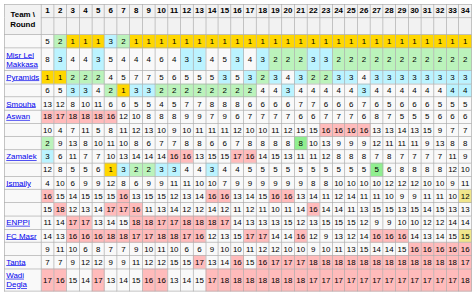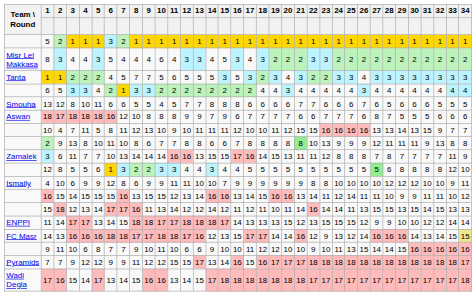 <table class="wikitable sortable" style="font-size: 74%; text-align:center">
 <tr>
 <th rowspan="2" style="width:76px;">Team \ Round</th>
 <th align=center>1</th>
 <th align=center>2</th>
 <th align=center>3</th>
 <th align=center>4</th>
 <th align=center>5</th>
 <th align=center>6</th>
 <th align=center>7</th>
 <th align=center>8</th>
 <th align=center>9</th>
 <th align=center>10</th>
 <th align=center>11</th>
 <th align=center>12</th>
 <th align=center>13</th>
 <th align=center>14</th>
 <th align=center>15</th>
 <th align=center>16</th>
 <th align=center>17</th>
 <th align=center>18</th>
 <th align=center>19</th>
 <th align=center>20</th>
 <th align=center>21</th>
 <th align=center>22</th>
 <th align=center>23</th>
 <th align=center>24</th>
 <th align=center>25</th>
 <th align=center>26</th>
 <th align=center>27</th>
 <th align=center>28</th>
 <th align=center>29</th>
 <th align=center>30</th>
 <th align=center>31</th>
 <th align=center>32</th>
 <th align=center>33</th>
 <th align=center>34</th>
 </tr>
 <tr>
 <th style="text-align:center; height:20px;"></th>
 <th align=center></th>
 <th align=center></th>
 <th align=center></th>
 <th align=center></th>
 <th align=center></th>
 <th align=center></th>
 <th align=center></th>
 <th align=center></th>
 <th align=center></th>
 <th align=center></th>
 <th align=center></th>
 <th align=center></th>
 <th align=center></th>
 <th align=center></th>
 <th align=center></th>
 <th align=center></th>
 <th align=center></th>
 <th align=center></th>
 <th align=center></th>
 <th align=center></th>
 <th align=center></th>
 <th align=center></th>
 <th align=center></th>
 <th align=center></th>
 <th align=center></th>
 <th align=center></th>
 <th align=center></th>
 <th align=center></th>
 <th align=center></th>
 <th align=center></th>
 <th align=center></th>
 <th align=center></th>
 <th align=center></th>
 </tr>
 <tr align=center>
 <td align=left><a href='#'></a></td>
 <td>5</td>
 <td style="background:#BBF3BB">2</td>
 <td style="background:#FFD700">1</td>
 <td style="background:#FFD700">1</td>
 <td style="background:#FFD700">1</td>
 <td style="background:#BBF3FF">3</td>
 <td style="background:#BBF3BB">2</td>
 <td style="background:#FFD700">1</td>
 <td style="background:#FFD700">1</td>
 <td style="background:#FFD700">1</td>
 <td style="background:#FFD700">1</td>
 <td style="background:#FFD700">1</td>
 <td style="background:#FFD700">1</td>
 <td style="background:#FFD700">1</td>
 <td style="background:#FFD700">1</td>
 <td style="background:#FFD700">1</td>
 <td style="background:#FFD700">1</td>
 <td style="background:#FFD700">1</td>
 <td style="background:#FFD700">1</td>
 <td style="background:#FFD700">1</td>
 <td style="background:#FFD700">1</td>
 <td style="background:#FFD700">1</td>
 <td style="background:#FFD700">1</td>
 <td style="background:#FFD700">1</td>
 <td style="background:#FFD700">1</td>
 <td style="background:#FFD700">1</td>
 <td style="background:#FFD700">1</td>
 <td style="background:#FFD700">1</td>
 <td style="background:#FFD700">1</td>
 <td style="background:#FFD700">1</td>
 <td style="background:#FFD700">1</td>
 <td style="background:#FFD700">1</td>
 <td style="background:#FFD700">1</td>
 <td style="background:#FFD700">1</td>
 </tr>
 <tr align=center>
 <td align=left><a href='#'>Misr Lel Makkasa</a></td>
 <td>8</td>
 <td style="background:#BBF3FF">3</td>
 <td>4</td>
 <td>4</td>
 <td style="background:#BBF3FF">3</td>
 <td>5</td>
 <td>4</td>
 <td>4</td>
 <td>4</td>
 <td>6</td>
 <td>4</td>
 <td style="background:#BBF3FF">3</td>
 <td style="background:#BBF3FF">3</td>
 <td>4</td>
 <td>5</td>
 <td style="background:#BBF3FF">3</td>
 <td>4</td>
 <td style="background:#BBF3FF">3</td>
 <td style="background:#BBF3BB">2</td>
 <td style="background:#BBF3BB">2</td>
 <td style="background:#BBF3BB">2</td>
 <td style="background:#BBF3FF">3</td>
 <td style="background:#BBF3FF">3</td>
 <td style="background:#BBF3BB">2</td>
 <td style="background:#BBF3BB">2</td>
 <td style="background:#BBF3BB">2</td>
 <td style="background:#BBF3BB">2</td>
 <td style="background:#BBF3BB">2</td>
 <td style="background:#BBF3BB">2</td>
 <td style="background:#BBF3BB">2</td>
 <td style="background:#BBF3BB">2</td>
 <td style="background:#BBF3BB">2</td>
 <td style="background:#BBF3BB">2</td>
 <td style="background:#BBF3BB">2</td>
 </tr>
 <tr align=center>
-<td align=left><a href='#'>Pyramids</a></td>
+<td align=left><a href='#'>Tanta</a></td>
 <td style="background:#FFD700">1</td>
 <td style="background:#FFD700">1</td>
 <td style="background:#BBF3BB">2</td>
 <td style="background:#BBF3BB">2</td>
 <td style="background:#BBF3BB">2</td>
 <td>4</td>
 <td>5</td>
 <td>7</td>
 <td>7</td>
 <td>5</td>
 <td>6</td>
 <td>5</td>
 <td>5</td>
 <td>5</td>
 <td style="background:#BBF3FF">3</td>
 <td>5</td>
 <td style="background:#BBF3FF">3</td>
 <td style="background:#BBF3BB">2</td>
 <td style="background:#BBF3FF">3</td>
 <td>4</td>
 <td style="background:#BBF3FF">3</td>
 <td style="background:#BBF3BB">2</td>
 <td style="background:#BBF3BB">2</td>
 <td style="background:#BBF3FF">3</td>
 <td style="background:#BBF3FF">3</td>
 <td>4</td>
 <td style="background:#BBF3FF">3</td>
 <td style="background:#BBF3FF">3</td>
 <td style="background:#BBF3FF">3</td>
 <td style="background:#BBF3FF">3</td>
 <td style="background:#BBF3FF">3</td>
 <td style="background:#BBF3FF">3</td>
 <td style="background:#BBF3FF">3</td>
 <td style="background:#BBF3FF">3</td>
 </tr>
 <tr align=center>
 <td align=left></td>
 <td>6</td>
 <td>5</td>
 <td style="background:#BBF3FF">3</td>
 <td style="background:#BBF3FF">3</td>
 <td>4</td>
 <td style="background:#BBF3BB">2</td>
 <td style="background:#FFD700">1</td>
 <td style="background:#BBF3FF">3</td>
 <td style="background:#BBF3FF">3</td>
 <td style="background:#BBF3BB">2</td>
 <td style="background:#BBF3BB">2</td>
 <td style="background:#BBF3BB">2</td>
 <td style="background:#BBF3BB">2</td>
 <td style="background:#BBF3BB">2</td>
 <td style="background:#BBF3BB">2</td>
 <td style="background:#BBF3BB">2</td>
 <td style="background:#BBF3BB">2</td>
 <td>4</td>
 <td>4</td>
 <td style="background:#BBF3FF">3</td>
 <td>4</td>
 <td>4</td>
 <td>4</td>
 <td>4</td>
 <td>4</td>
 <td style="background:#BBF3FF">3</td>
 <td>4</td>
 <td>4</td>
 <td>4</td>
 <td>4</td>
 <td>4</td>
 <td>4</td>
 <td style="background:#BBF3FF">4</td>
 <td style="background:#BBF3FF">4</td>
 </tr>
 <tr align=center>
 <td align=left><a href='#'>Smouha</a></td>
 <td>13</td>
 <td>12</td>
 <td>8</td>
 <td>10</td>
 <td>11</td>
 <td>6</td>
 <td>6</td>
 <td>5</td>
 <td>5</td>
 <td>4</td>
 <td>5</td>
 <td>7</td>
 <td>7</td>
 <td>8</td>
 <td>8</td>
 <td>8</td>
 <td>6</td>
 <td>6</td>
 <td>6</td>
 <td>6</td>
 <td>7</td>
 <td>7</td>
 <td>6</td>
 <td>6</td>
 <td>6</td>
 <td>7</td>
 <td>6</td>
 <td>5</td>
 <td>6</td>
 <td>6</td>
 <td>6</td>
 <td>5</td>
 <td>5</td>
 <td>5</td>
 </tr>
 <tr align=center>
 <td align=left><a href='#'>Aswan</a></td>
 <td style="background:#FFBBBB">18</td>
 <td style="background:#FFBBBB">17</td>
 <td style="background:#FFBBBB">18</td>
 <td style="background:#FFBBBB">18</td>
 <td style="background:#FFBBBB">18</td>
 <td style="background:#FFBBBB">16</td>
 <td>12</td>
 <td>10</td>
 <td>8</td>
 <td>8</td>
 <td>8</td>
 <td>9</td>
 <td>9</td>
 <td>7</td>
 <td>9</td>
 <td>6</td>
 <td>7</td>
 <td>7</td>
 <td>7</td>
 <td>7</td>
 <td>6</td>
 <td>6</td>
 <td>7</td>
 <td>7</td>
 <td>7</td>
 <td>6</td>
 <td>8</td>
 <td>7</td>
 <td>5</td>
 <td>5</td>
 <td>5</td>
 <td>6</td>
 <td>6</td>
 <td>6</td>
 </tr>
 <tr align=center>
 <td align=left><a href='#'></a></td>
 <td>10</td>
 <td>4</td>
 <td>7</td>
 <td>11</td>
 <td>5</td>
 <td>8</td>
 <td>11</td>
 <td>12</td>
 <td>13</td>
 <td>10</td>
 <td>9</td>
 <td>10</td>
 <td>11</td>
 <td>11</td>
 <td>11</td>
 <td>12</td>
 <td>10</td>
 <td>10</td>
 <td>11</td>
 <td>12</td>
 <td>15</td>
 <td>15</td>
 <td style="background:#FFBBBB">16</td>
 <td style="background:#FFBBBB">16</td>
 <td style="background:#FFBBBB">16</td>
 <td style="background:#FFBBBB">16</td>
 <td>13</td>
 <td>13</td>
 <td>14</td>
 <td>13</td>
 <td>15</td>
 <td>9</td>
 <td>7</td>
 <td>7</td>
 </tr>
 <tr align=center>
 <td align=left><a href='#'></a></td>
 <td style="background:#BBF3BB">2</td>
 <td>9</td>
 <td>13</td>
 <td>8</td>
 <td>10</td>
 <td>11</td>
 <td>10</td>
 <td>8</td>
 <td>6</td>
 <td>7</td>
 <td>7</td>
 <td>8</td>
 <td>8</td>
 <td>6</td>
 <td>6</td>
 <td>7</td>
 <td>8</td>
 <td>8</td>
 <td>8</td>
 <td>8</td>
 <td style="background: lightgreen;">8</td>
 <td>10</td>
 <td>13</td>
 <td>9</td>
 <td>9</td>
 <td>9</td>
 <td>12</td>
 <td>11</td>
 <td>11</td>
 <td>11</td>
 <td>9</td>
 <td>13</td>
 <td>8</td>
 <td>8</td>
 </tr>
 <tr align=center>
 <td align=left><a href='#'>Zamalek</a></td>
 <td style="background:#BBF3FF">3</td>
 <td>6</td>
 <td>11</td>
 <td>7</td>
 <td>7</td>
 <td>10</td>
 <td>13</td>
 <td>14</td>
 <td>14</td>
 <td>14</td>
 <td style="background:#FFBBBB">16</td>
 <td style="background:#FFBBBB">16</td>
 <td>13</td>
 <td>15</td>
 <td>15</td>
 <td style="background:#FFBBBB">17</td>
 <td style="background:#FFBBBB">16</td>
 <td>14</td>
 <td>15</td>
 <td>13</td>
 <td>11</td>
 <td>11</td>
 <td>12</td>
 <td>8</td>
 <td>8</td>
 <td>8</td>
 <td>7</td>
 <td>8</td>
 <td>7</td>
 <td>7</td>
 <td>7</td>
 <td>7</td>
 <td>11</td>
 <td>9</td>
 </tr>
 <tr align=center>
 <td align=left><a href='#'></a></td>
 <td>12</td>
 <td>8</td>
 <td>5</td>
 <td>5</td>
 <td>6</td>
 <td style="background:#FFD700">1</td>
 <td style="background:#BBF3FF">3</td>
 <td style="background:#BBF3BB">2</td>
 <td style="background:#BBF3BB">2</td>
 <td style="background:#BBF3FF">3</td>
 <td style="background:#BBF3FF">3</td>
 <td>4</td>
 <td>4</td>
 <td style="background:#BBF3FF">3</td>
 <td>4</td>
 <td>4</td>
 <td>5</td>
 <td>5</td>
 <td>5</td>
 <td>5</td>
 <td>5</td>
 <td>5</td>
 <td>5</td>
 <td>5</td>
 <td>5</td>
 <td>5</td>
 <td style="background: lightgreen;">5</td>
 <td>6</td>
 <td>8</td>
 <td>8</td>
 <td>8</td>
 <td>8</td>
 <td>12</td>
 <td>10</td>
 </tr>
 <tr align=center>
 <td align=left><a href='#'>Ismaily</a></td>
 <td>4</td>
 <td>10</td>
 <td>6</td>
 <td>9</td>
 <td>9</td>
 <td>12</td>
 <td>8</td>
 <td>6</td>
 <td>9</td>
 <td>9</td>
 <td>11</td>
 <td>11</td>
 <td>10</td>
 <td>10</td>
 <td>7</td>
 <td>9</td>
 <td>9</td>
 <td>9</td>
 <td>9</td>
 <td>9</td>
 <td>9</td>
 <td>8</td>
 <td>8</td>
 <td>10</td>
 <td>10</td>
 <td>10</td>
 <td>10</td>
 <td>12</td>
 <td>12</td>
 <td>12</td>
 <td>10</td>
 <td>10</td>
 <td>9</td>
 <td>11</td>
 </tr>
 <tr align=center>
 <td align=left><a href='#'></a></td>
 <td style="background:#FFBBBB">16</td>
 <td>15</td>
 <td>14</td>
 <td>15</td>
 <td>15</td>
 <td>15</td>
 <td style="background:#FFBBBB">16</td>
 <td>13</td>
 <td>15</td>
 <td>15</td>
 <td>12</td>
 <td>13</td>
 <td>14</td>
 <td style="background:#FFBBBB">16</td>
 <td style="background:#FFBBBB">16</td>
 <td>13</td>
 <td>14</td>
 <td>15</td>
 <td style="background:#FFBBBB">16</td>
 <td style="background:#FFBBBB">16</td>
 <td>13</td>
 <td>14</td>
 <td>11</td>
 <td>12</td>
 <td>14</td>
 <td>11</td>
 <td>11</td>
 <td>10</td>
 <td>9</td>
 <td>9</td>
 <td>11</td>
 <td>11</td>
 <td>10</td>
-<td style="background: khaki;">12</td>
+<td>12</td>
 </tr>
 <tr align=center>
 <td align=left><a href='#'></a></td>
 <td>15</td>
 <td style="background:#FFBBBB">18</td>
 <td>12</td>
 <td>13</td>
 <td>14</td>
 <td style="background:#FFBBBB">17</td>
 <td style="background:#FFBBBB">17</td>
 <td style="background:#FFBBBB">16</td>
 <td>11</td>
 <td>13</td>
 <td>14</td>
 <td>12</td>
 <td>12</td>
 <td>14</td>
 <td>12</td>
 <td>11</td>
 <td>12</td>
 <td>11</td>
 <td>10</td>
 <td>11</td>
 <td>14</td>
 <td style="background:#FFBBBB">16</td>
 <td>14</td>
 <td>14</td>
 <td>11</td>
 <td>13</td>
 <td>15</td>
 <td>15</td>
 <td>13</td>
 <td>15</td>
 <td>14</td>
 <td>15</td>
 <td>13</td>
 <td>13</td>
 </tr>
 <tr align=center>
 <td align=left><a href='#'>ENPPI</a></td>
 <td>11</td>
 <td>14</td>
 <td style="background:#FFBBBB">17</td>
 <td style="background:#FFBBBB">17</td>
 <td>13</td>
 <td>14</td>
 <td>15</td>
 <td style="background:#FFBBBB">18</td>
 <td style="background:#FFBBBB">18</td>
 <td style="background:#FFBBBB">17</td>
 <td style="background:#FFBBBB">17</td>
 <td style="background:#FFBBBB">18</td>
 <td style="background:#FFBBBB">18</td>
 <td style="background:#FFBBBB">18</td>
 <td style="background:#FFBBBB">17</td>
 <td>14</td>
 <td>13</td>
 <td>13</td>
 <td>13</td>
 <td>15</td>
 <td>12</td>
 <td>13</td>
 <td>15</td>
 <td>15</td>
 <td>15</td>
 <td>12</td>
 <td>9</td>
 <td>9</td>
 <td>10</td>
 <td>10</td>
 <td>12</td>
 <td>12</td>
 <td>14</td>
 <td>14</td>
 </tr>
 <tr align=center>
 <td align=left><a href='#'>FC Masr</a></td>
 <td>14</td>
 <td>13</td>
 <td style="background:#FFBBBB">16</td>
 <td style="background:#FFBBBB">16</td>
 <td style="background:#FFBBBB">16</td>
 <td style="background:#FFBBBB">18</td>
 <td style="background:#FFBBBB">18</td>
 <td style="background:#FFBBBB">17</td>
 <td style="background:#FFBBBB">17</td>
 <td style="background:#FFBBBB">18</td>
 <td style="background:#FFBBBB">18</td>
 <td style="background:#FFBBBB">17</td>
 <td style="background:#FFBBBB">16</td>
 <td>12</td>
 <td>13</td>
 <td>15</td>
 <td style="background:#FFBBBB">17</td>
 <td style="background:#FFBBBB">17</td>
 <td>14</td>
 <td>14</td>
 <td style="background:#FFBBBB">16</td>
 <td>12</td>
 <td>9</td>
 <td>13</td>
 <td>12</td>
 <td>14</td>
 <td style="background:#FFBBBB">16</td>
 <td style="background:#FFBBBB">16</td>
 <td style="background:#FFBBBB">16</td>
 <td>14</td>
 <td>13</td>
 <td>14</td>
 <td>15</td>
 <td style="background: khaki;">15</td>
 </tr>
 <tr align=center>
 <td align=left><a href='#'></a></td>
 <td>9</td>
 <td>11</td>
 <td>10</td>
 <td>6</td>
 <td>8</td>
 <td>7</td>
 <td>7</td>
 <td>9</td>
 <td>10</td>
 <td>11</td>
 <td>10</td>
 <td>6</td>
 <td>6</td>
 <td>9</td>
 <td>10</td>
 <td>10</td>
 <td>11</td>
 <td>12</td>
 <td>12</td>
 <td>10</td>
 <td>10</td>
 <td>9</td>
 <td>10</td>
 <td>11</td>
 <td>13</td>
 <td>15</td>
 <td>14</td>
 <td>14</td>
 <td>15</td>
 <td style="background:#FFBBBB">16</td>
 <td style="background:#FFBBBB">16</td>
 <td style="background:#FFBBBB">16</td>
 <td style="background:#FFBBBB">16</td>
 <td style="background:#FFBBBB">16</td>
 </tr>
 <tr align=center>
-<td align=left><a href='#'>Tanta</a></td>
+<td align=left><a href='#'>Pyramids</a></td>
 <td>7</td>
 <td>7</td>
 <td>9</td>
 <td>12</td>
 <td>12</td>
 <td>9</td>
 <td>9</td>
 <td>11</td>
 <td>12</td>
 <td>12</td>
 <td>15</td>
 <td>15</td>
 <td style="background:#FFBBBB">17</td>
 <td>13</td>
 <td>14</td>
 <td style="background:#FFBBBB">16</td>
 <td>15</td>
 <td style="background:#FFBBBB">16</td>
 <td style="background:#FFBBBB">17</td>
 <td style="background:#FFBBBB">17</td>
 <td style="background:#FFBBBB">17</td>
 <td style="background:#FFBBBB">18</td>
 <td style="background:#FFBBBB">18</td>
 <td style="background:#FFBBBB">18</td>
 <td style="background:#FFBBBB">18</td>
 <td style="background:#FFBBBB">18</td>
 <td style="background:#FFBBBB">18</td>
 <td style="background:#FFBBBB">18</td>
 <td style="background:#FFBBBB">18</td>
 <td style="background:#FFBBBB">18</td>
 <td style="background:#FFBBBB">18</td>
 <td style="background:#FFBBBB">18</td>
 <td style="background:#FFBBBB">18</td>
 <td style="background:#FFBBBB">17</td>
 </tr>
 <tr align=center>
 <td align=left><a href='#'>Wadi Degla</a></td>
 <td style="background:#FFBBBB">17</td>
 <td style="background:#FFBBBB">16</td>
 <td>15</td>
 <td>14</td>
 <td style="background:#FFBBBB">17</td>
 <td>13</td>
 <td>14</td>
 <td>15</td>
 <td style="background:#FFBBBB">16</td>
 <td style="background:#FFBBBB">16</td>
 <td>13</td>
 <td>14</td>
 <td>15</td>
 <td style="background:#FFBBBB">17</td>
 <td style="background:#FFBBBB">18</td>
 <td style="background:#FFBBBB">18</td>
 <td style="background:#FFBBBB">18</td>
 <td style="background:#FFBBBB">18</td>
 <td style="background:#FFBBBB">18</td>
 <td style="background:#FFBBBB">18</td>
 <td style="background:#FFBBBB">18</td>
 <td style="background:#FFBBBB">17</td>
 <td style="background:#FFBBBB">17</td>
 <td style="background:#FFBBBB">17</td>
 <td style="background:#FFBBBB">17</td>
 <td style="background:#FFBBBB">17</td>
 <td style="background:#FFBBBB">17</td>
 <td style="background:#FFBBBB">17</td>
 <td style="background:#FFBBBB">17</td>
 <td style="background:#FFBBBB">17</td>
 <td style="background:#FFBBBB">17</td>
 <td style="background:#FFBBBB">17</td>
 <td style="background:#FFBBBB">17</td>
 <td style="background:#FFBBBB">18</td>
 </tr>
 </table>
